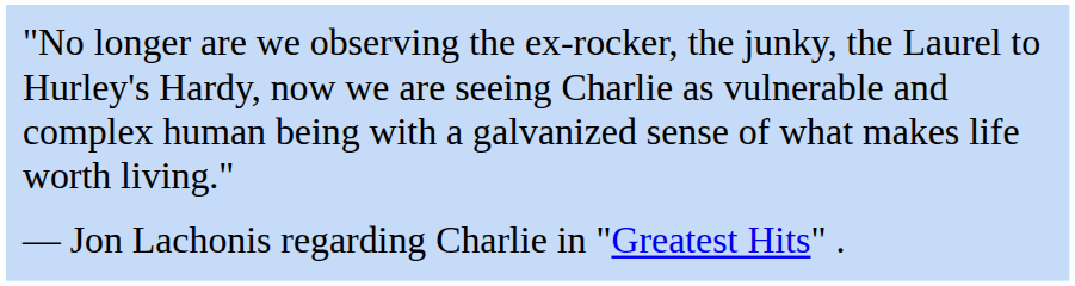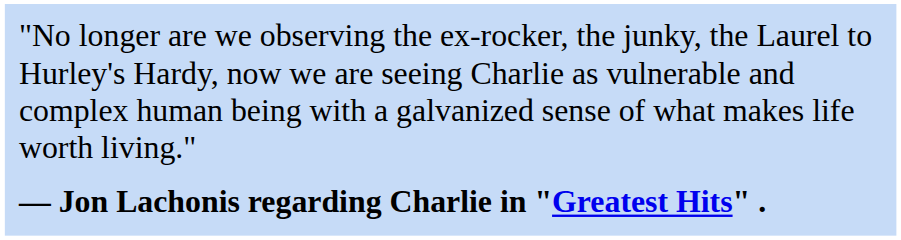 <table class="toccolours" style="float: right; margin-left: 1em; margin-right: 2em; font-size: 85%; background:#c6dbf7; color:black; width:28em; max-width: 40%;" cellspacing="5">
 <tr>
 <td style="text-align: left;">"No longer are we observing the ex-rocker, the junky, the Laurel to Hurley's Hardy, now we are seeing Charlie as vulnerable and complex human being with a galvanized sense of what makes life worth living."</td>
 </tr>
 <tr>
-<td style="text-align: left;">— Jon Lachonis regarding Charlie in "<a href='#'>Greatest Hits</a>" .</td>
+<td style="text-align: left;"><strong>— Jon Lachonis regarding Charlie in "<a href='#'>Greatest Hits</a>" .</strong></td>
 </tr>
 </table>
